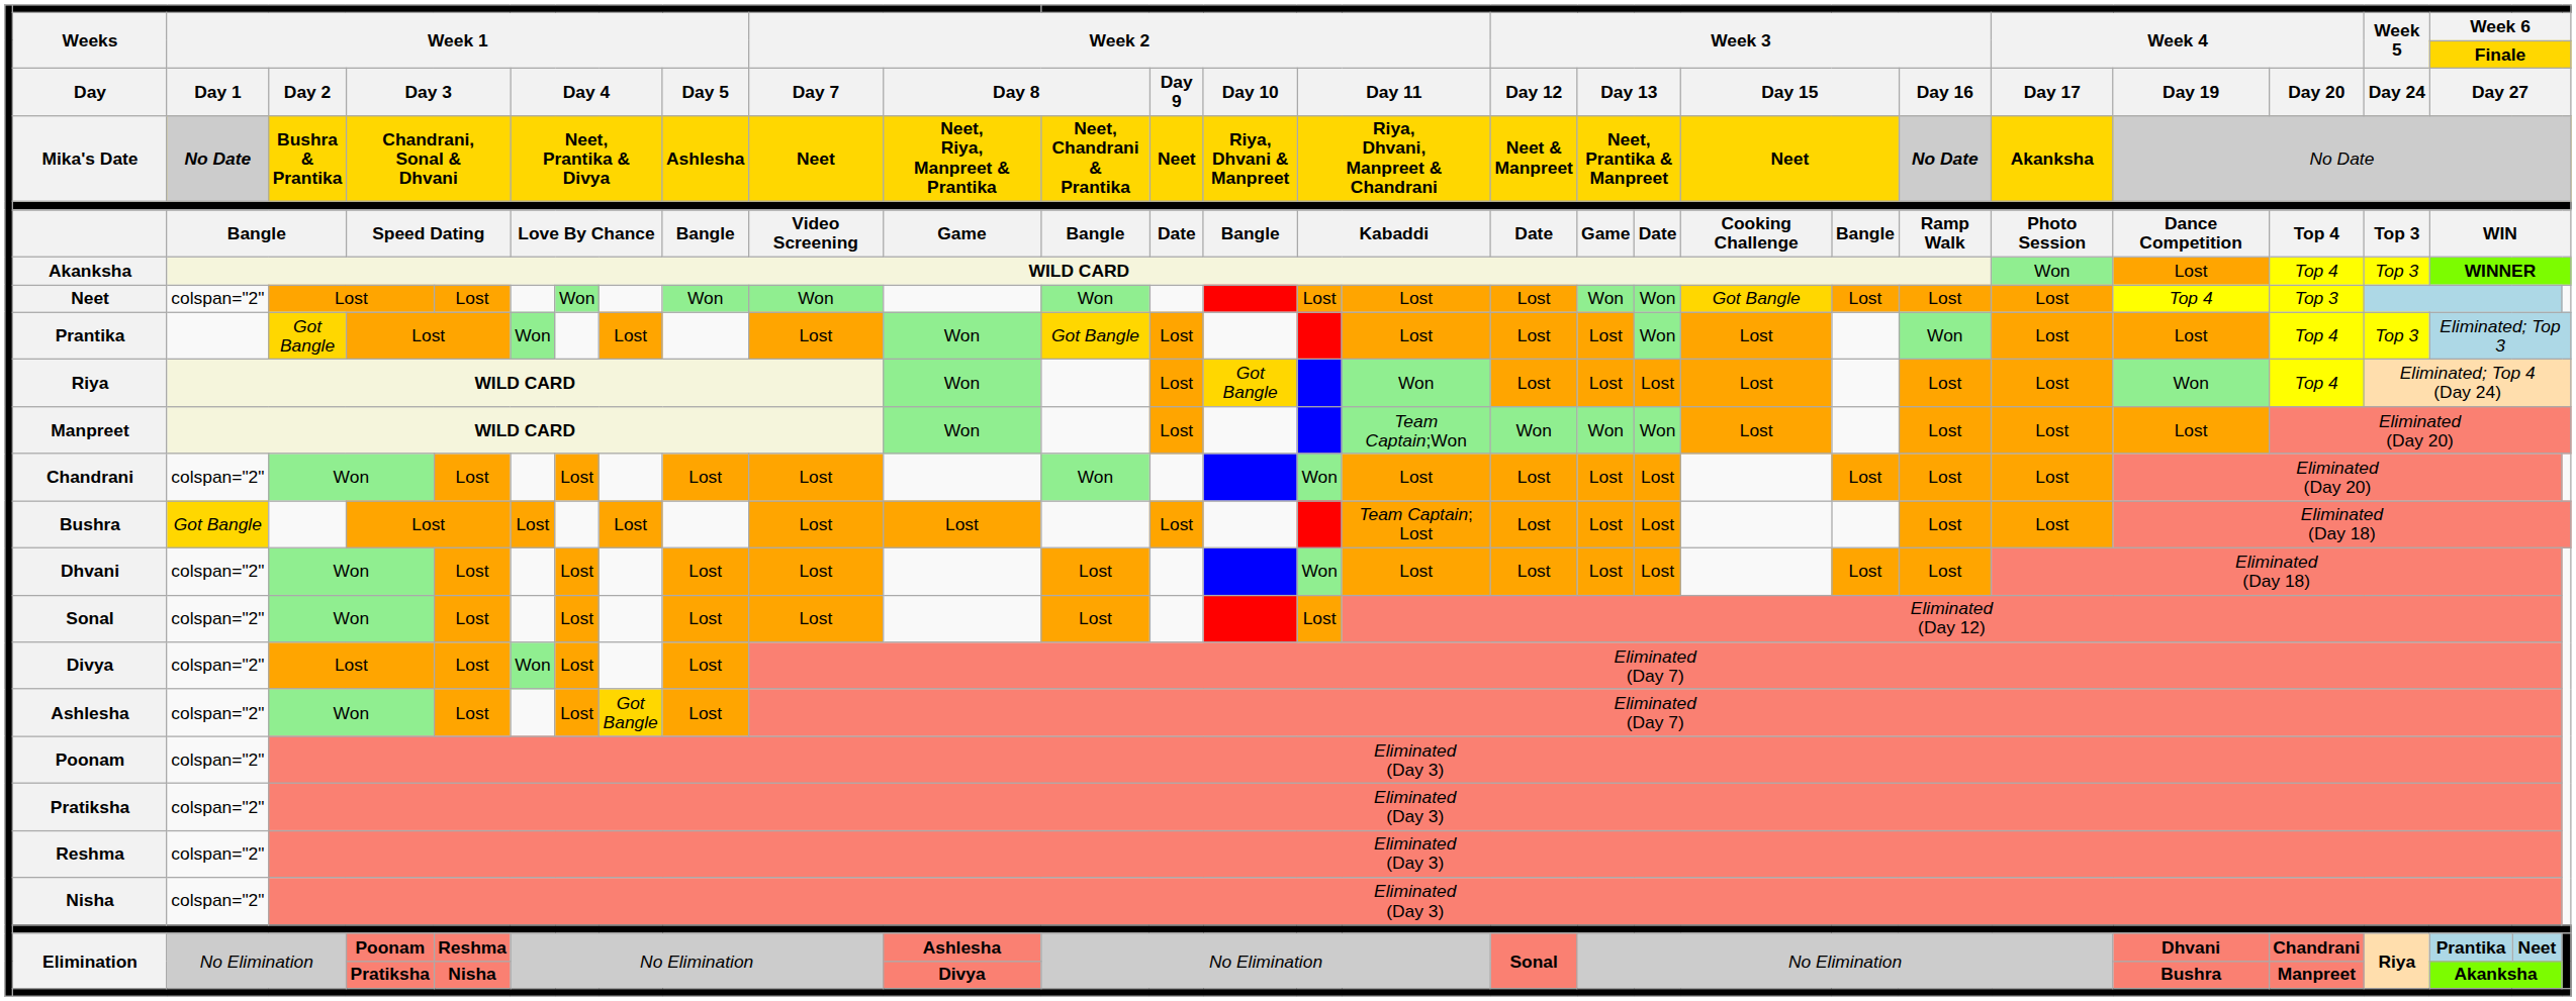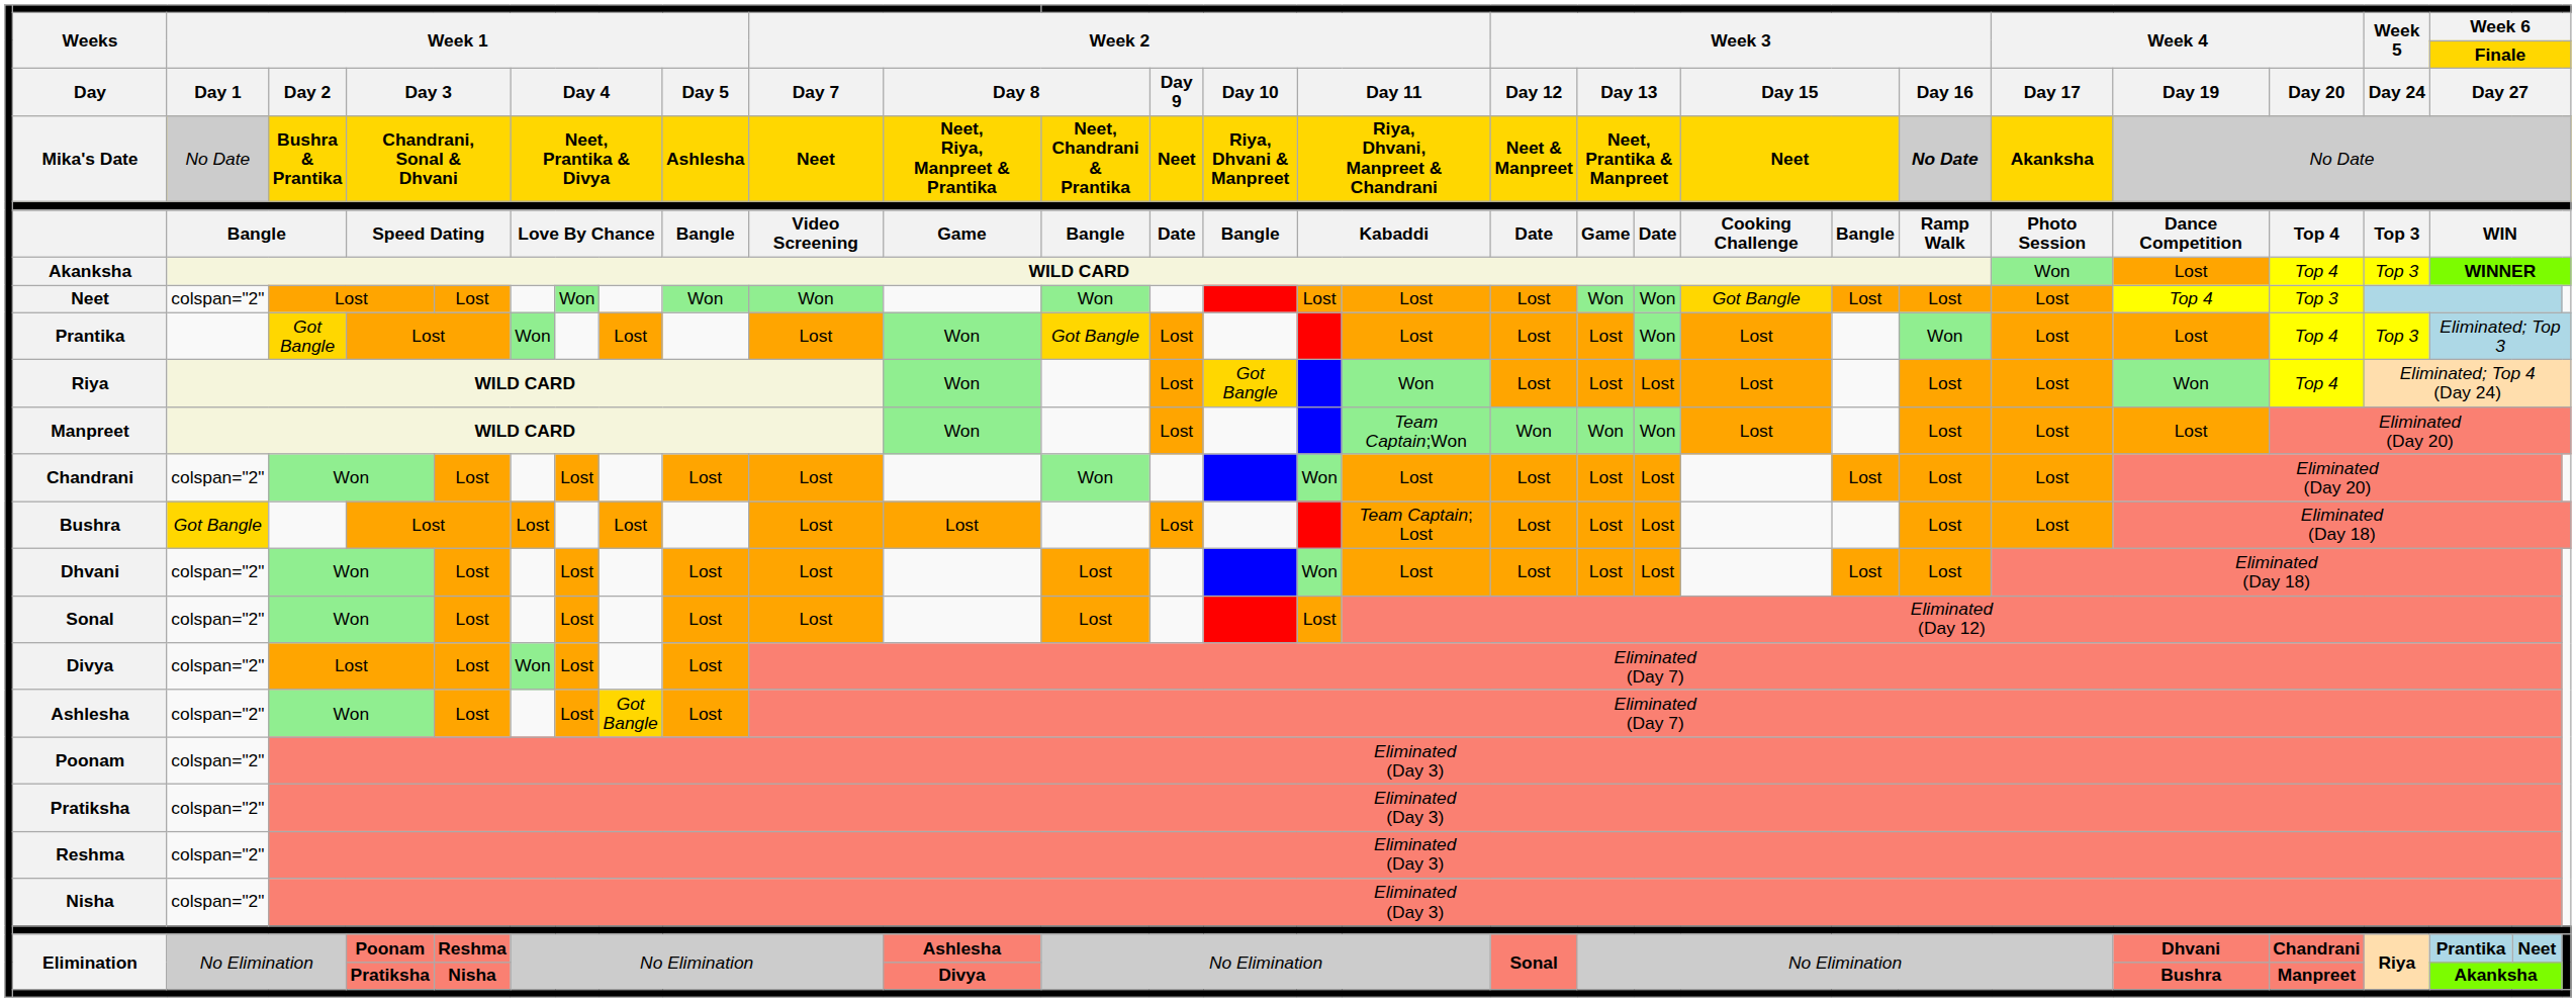 <table class="wikitable" style="text-align:center; width:100%; font-size:85%; font-family: sans-serif; line-height:15px;">
 <tr>
 <td rowspan="26" bgcolor="black"></td>
 <td colspan="11" bgcolor=black></td>
 <td colspan="19" bgcolor="black"></td>
 </tr>
 <tr>
 <th rowspan="2" style="width: 6%;">Weeks</th>
 <th colspan="8" rowspan="2" style="width: 5%;">Week 1</th>
 <th colspan="7" rowspan="2">Week 2</th>
 <th colspan="6" rowspan="2">Week 3</th>
 <th colspan="3" rowspan="2">Week 4</th>
 <th colspan="2" rowspan="2">Week 5</th>
 <th colspan="3">Week 6</th>
 </tr>
 <tr>
 <td colspan="3" bgcolor="gold"><strong>Finale</strong></td>
 </tr>
 <tr>
 <th>Day</th>
 <th>Day 1</th>
 <th>Day 2</th>
 <th colspan="2">Day 3</th>
 <th colspan="3">Day 4</th>
 <th>Day 5</th>
 <th>Day 7</th>
 <th colspan="2">Day 8</th>
 <th>Day 9</th>
 <th>Day 10</th>
 <th colspan="2">Day 11</th>
 <th>Day 12</th>
 <th colspan="2">Day 13</th>
 <th colspan="2">Day 15</th>
 <th>Day 16</th>
 <th>Day 17</th>
 <th>Day 19</th>
 <th>Day 20</th>
 <th colspan="2">Day 24</th>
 <th colspan="3">Day 27</th>
 </tr>
 <tr bgcolor=gold>
 <th>Mika's Date</th>
-<td style="background:#ccc;"><strong><em>No Date</em></strong></td>
+<td style="background:#ccc;"><em>No Date</em></td>
 <td style="background:gold;"><strong>Bushra &<br>Prantika</strong></td>
 <td colspan="2" style="background:gold;"><strong>Chandrani,<br>Sonal &<br>Dhvani</strong></td>
 <td colspan="3" style="background:gold;"><strong>Neet,<br>Prantika &<br> Divya</strong></td>
 <td style="background:gold;"><strong>Ashlesha</strong></td>
 <td style="background:Gold;"><strong>Neet</strong></td>
 <td><strong>Neet,<br> Riya,<br> Manpreet  & Prantika</strong></td>
 <td><strong>Neet,<br>Chandrani  & <br>Prantika</strong></td>
 <td><strong>Neet</strong></td>
 <td style="background:gold;"><strong>Riya,<br> Dhvani &<br>Manpreet</strong></td>
 <td colspan="2"><strong>Riya,<br> Dhvani,<br>Manpreet &<br> Chandrani</strong></td>
 <td style="background:gold;"><strong>Neet &<br>Manpreet</strong></td>
 <td colspan="2"><strong>Neet,<br>Prantika &<br> Manpreet</strong></td>
 <td colspan="2"><strong>Neet</strong></td>
 <td bgcolor="#ccc"><strong><em>No Date</em></strong></td>
 <td bgcolor="gold"><strong>Akanksha</strong></td>
 <td colspan="7" style="background:#ccc;"><em>No Date</em></td>
 </tr>
 <tr>
 <td colspan="30" bgcolor="black"></td>
 </tr>
 <tr>
 <th></th>
 <th colspan="2">Bangle</th>
 <th colspan="2">Speed Dating</th>
 <th colspan="3">Love By Chance</th>
 <th>Bangle</th>
 <th>Video Screening</th>
 <th>Game</th>
 <th>Bangle</th>
 <th>Date</th>
 <th>Bangle</th>
 <th colspan="2">Kabaddi</th>
 <th>Date</th>
 <th>Game</th>
 <th>Date</th>
 <th>Cooking Challenge</th>
 <th>Bangle</th>
 <th>Ramp Walk</th>
 <th>Photo Session</th>
 <th>Dance Competition</th>
 <th><strong>Top 4</strong></th>
 <th>Top 3</th>
 <th colspan="4">WIN</th>
 </tr>
 <tr>
 <th>Akanksha</th>
 <td colspan="21" style="background:beige;"><strong>WILD CARD</strong></td>
 <td style="background:lightgreen;">Won</td>
 <td style="background:orange;">Lost</td>
 <td bgcolor="yellow"><em>Top 4</em></td>
 <td bgcolor="yellow"><em>Top  3</em></td>
 <td colspan="4" bgcolor="#7CFC00"><strong>WINNER</strong></td>
 </tr>
 <tr>
 <th>Neet</th>
 <td>colspan="2" </td>
 <td colspan="2" style="background:orange;">Lost</td>
 <td style="background:orange;">Lost</td>
 <td></td>
 <td style="background:lightgreen;">Won</td>
 <td></td>
 <td style="background:lightgreen;">Won</td>
 <td style="background:lightgreen;">Won</td>
 <td></td>
 <td style="background:lightgreen;">Won</td>
 <td></td>
 <td style="background:red;"></td>
 <td style="background:orange;">Lost</td>
 <td style="background:orange;">Lost</td>
 <td style="background:orange;">Lost</td>
 <td style="background:lightgreen;">Won</td>
 <td style="background:lightgreen;">Won</td>
 <td style="background:gold;"><em>Got Bangle</em></td>
 <td style="background:orange;">Lost</td>
 <td style="background:orange;">Lost</td>
 <td style="background:orange;">Lost</td>
 <td bgcolor="yellow"><em>Top 4</em></td>
 <td bgcolor="yellow"><em>Top  3</em></td>
 <td colspan="4" style="background:#ADD8E6;"></td>
 </tr>
 <tr>
 <th>Prantika</th>
 <td></td>
 <td style="background:gold;"><em>Got Bangle</em></td>
 <td colspan="2" style="background:orange;">Lost</td>
 <td style="background:lightgreen;">Won</td>
 <td></td>
 <td style="background:orange;">Lost</td>
 <td></td>
 <td style="background:orange;">Lost</td>
 <td style="background:lightgreen;">Won</td>
 <td style="background:gold;"><em>Got Bangle</em></td>
 <td style="background:orange;">Lost</td>
 <td></td>
 <td style="background:red;"></td>
 <td style="background:orange;">Lost</td>
 <td style="background:orange;">Lost</td>
 <td style="background:orange;">Lost</td>
 <td style="background:lightgreen;">Won</td>
 <td style="background:orange;">Lost</td>
 <td></td>
 <td style="background:lightgreen;">Won</td>
 <td style="background:orange;">Lost</td>
 <td style="background:orange;">Lost</td>
 <td bgcolor="yellow"><em>Top 4</em></td>
 <td bgcolor="yellow"><em>Top  3</em></td>
 <td colspan="4" style="background:#ADD8E6;"><em>Eliminated; Top 3</em></td>
 </tr>
 <tr>
 <th>Riya</th>
 <td colspan="9" style="background:beige;"><strong>WILD CARD</strong></td>
 <td Bgcolor=lightgreen>Won</td>
 <td></td>
 <td style="background:orange;">Lost</td>
 <td style="background:gold;"><em>Got Bangle</em></td>
 <td style="background:blue;"></td>
 <td style="background:lightgreen;">Won</td>
 <td style="background:orange;">Lost</td>
 <td style="background:orange;">Lost</td>
 <td style="background:orange;">Lost</td>
 <td style="background:orange;">Lost</td>
 <td></td>
 <td style="background:orange;">Lost</td>
 <td style="background:orange;">Lost</td>
 <td style="background:lightgreen;">Won</td>
 <td bgcolor="yellow"><em>Top 4</em></td>
 <td colspan="5" bgcolor="Navajowhite"><em>Eliminated; Top 4</em><br>(Day 24)</td>
 </tr>
 <tr>
 <th>Manpreet</th>
 <td colspan="9" style="background:beige;"><strong>WILD CARD</strong></td>
 <td style="background:lightgreen;">Won</td>
 <td></td>
 <td style="background:orange;">Lost</td>
 <td></td>
 <td style="background:blue;"></td>
 <td style="background:lightgreen;"><em>Team Captain</em>;Won</td>
 <td style="background:lightgreen;">Won</td>
 <td style="background:lightgreen;">Won</td>
 <td style="background:lightgreen;">Won</td>
 <td style="background:orange;">Lost</td>
 <td></td>
 <td style="background:orange;">Lost</td>
 <td style="background:orange;">Lost</td>
 <td style="background:orange;">Lost</td>
 <td colspan="6" bgcolor="Salmon"><em>Eliminated</em><br>(Day 20)</td>
 </tr>
 <tr>
 <th>Chandrani</th>
 <td>colspan="2" </td>
 <td colspan="2" style="background:lightgreen;">Won</td>
 <td style="background:orange;">Lost</td>
 <td></td>
 <td style="background:orange;">Lost</td>
 <td></td>
 <td style="background:orange;">Lost</td>
 <td style="background:orange;">Lost</td>
 <td></td>
 <td style="background:lightgreen;">Won</td>
 <td></td>
 <td style="background:blue;"></td>
 <td style="background:lightgreen;">Won</td>
 <td style="background:orange;">Lost</td>
 <td style="background:orange;">Lost</td>
 <td style="background:orange;">Lost</td>
 <td style="background:orange;">Lost</td>
 <td></td>
 <td style="background:orange;">Lost</td>
 <td style="background:orange;">Lost</td>
 <td style="background:orange;">Lost</td>
 <td colspan="6" bgcolor="Salmon"><em>Eliminated</em><br>(Day 20)</td>
 </tr>
 <tr>
 <th>Bushra</th>
 <td style="background:gold;"><em>Got Bangle</em></td>
 <td></td>
 <td colspan="2" style="background:orange;">Lost</td>
 <td style="background:orange;">Lost</td>
 <td></td>
 <td style="background:orange;">Lost</td>
 <td></td>
 <td style="background:orange;">Lost</td>
 <td style="background:orange;">Lost</td>
 <td></td>
 <td style="background:orange;">Lost</td>
 <td></td>
 <td style="background:red;"></td>
 <td style="background:orange;"><em>Team Captain</em>; Lost</td>
 <td style="background:orange;">Lost</td>
 <td style="background:orange;">Lost</td>
 <td style="background:orange;">Lost</td>
 <td></td>
 <td></td>
 <td style="background:orange;">Lost</td>
 <td style="background:orange;">Lost</td>
 <td colspan="7" bgcolor="salmon"><em>Eliminated</em><br>(Day 18)</td>
 </tr>
 <tr>
 <th>Dhvani</th>
 <td>colspan="2" </td>
 <td colspan="2" style="background:lightgreen;">Won</td>
 <td style="background:orange;">Lost</td>
 <td></td>
 <td style="background:orange;">Lost</td>
 <td></td>
 <td style="background:orange;">Lost</td>
 <td style="background:orange;">Lost</td>
 <td></td>
 <td style="background:orange;">Lost</td>
 <td></td>
 <td style="background:blue;"></td>
 <td style="background:lightgreen;">Won</td>
 <td style="background:orange;">Lost</td>
 <td style="background:orange;">Lost</td>
 <td style="background:orange;">Lost</td>
 <td style="background:orange;">Lost</td>
 <td></td>
 <td style="background:orange;">Lost</td>
 <td style="background:orange;">Lost</td>
 <td colspan="7" bgcolor="salmon"><em>Eliminated</em><br>(Day 18)</td>
 </tr>
 <tr>
 <th>Sonal</th>
 <td>colspan="2" </td>
 <td colspan="2" style="background:lightgreen;">Won</td>
 <td style="background:orange;">Lost</td>
 <td></td>
 <td style="background:orange;">Lost</td>
 <td></td>
 <td style="background:orange;">Lost</td>
 <td style="background:orange;">Lost</td>
 <td></td>
 <td style="background:orange;">Lost</td>
 <td></td>
 <td style="background:red;"></td>
 <td style="background:orange;">Lost</td>
 <td colspan="14" bgcolor="salmon"><em>Eliminated</em><br>(Day 12)</td>
 </tr>
 <tr>
 <th>Divya</th>
 <td>colspan="2" </td>
 <td colspan="2" style="background:orange;">Lost</td>
 <td style="background:orange;">Lost</td>
 <td style="background:lightgreen;">Won</td>
 <td style="background:orange;">Lost</td>
 <td></td>
 <td style="background:orange;">Lost</td>
 <td colspan="20" bgcolor="salmon"><em>Eliminated</em><br>(Day 7)</td>
 </tr>
 <tr>
 <th>Ashlesha</th>
 <td>colspan="2" </td>
 <td colspan="2" style="background:lightgreen;">Won</td>
 <td style="background:orange;">Lost</td>
 <td></td>
 <td style="background:orange;">Lost</td>
 <td style="background:gold;"><em>Got Bangle</em></td>
 <td style="background:orange;">Lost</td>
 <td colspan="20" bgcolor="salmon"><em>Eliminated</em><br>(Day 7)</td>
 </tr>
 <tr>
 <th>Poonam</th>
 <td>colspan="2" </td>
 <td colspan="27" style="background:salmon;"><em>Eliminated</em><br>(Day 3)</td>
 </tr>
 <tr>
 <th>Pratiksha</th>
 <td>colspan="2" </td>
 <td colspan="27" style="background:salmon;"><em>Eliminated</em><br>(Day 3)</td>
 </tr>
 <tr>
 <th>Reshma</th>
 <td>colspan="2" </td>
 <td colspan="27" style="background:salmon;"><em>Eliminated</em><br>(Day 3)</td>
 </tr>
 <tr>
 <th>Nisha</th>
 <td>colspan="2" </td>
 <td colspan="27" style="background:salmon;"><em>Eliminated</em><br>(Day 3)</td>
 </tr>
 <tr>
 <td colspan="30" bgcolor="black"></td>
 </tr>
 <tr>
 <th rowspan="2">Elimination</th>
 <td colspan="2" rowspan="2" bgcolor="#ccc"><em>No Elimination</em></td>
 <td bgcolor="salmon"><strong>Poonam</strong></td>
 <td bgcolor="salmon"><strong>Reshma</strong></td>
 <td colspan="5" rowspan="2" bgcolor="#ccc"><em>No Elimination</em></td>
 <td bgcolor="salmon"><strong>Ashlesha</strong></td>
 <td colspan="5" rowspan="2" bgcolor="#ccc"><em>No Elimination</em></td>
 <td rowspan="2" bgcolor="salmon"><strong>Sonal</strong></td>
 <td colspan="6" rowspan="2" bgcolor="#ccc"><em>No Elimination</em></td>
 <td bgcolor="salmon"><strong>Dhvani</strong></td>
 <td bgcolor="Salmon"><strong>Chandrani</strong></td>
 <td colspan="2" rowspan="2" bgcolor="Navajowhite"><strong>Riya</strong></td>
 <td style="background:#ADD8E6;"><strong>Prantika</strong></td>
 <td style="background:#ADD8E6;"><strong>Neet</strong></td>
 <td rowspan="2" style="background:black;"></td>
 </tr>
 <tr>
 <td bgcolor="salmon"><strong>Pratiksha</strong></td>
 <td bgcolor="salmon"><strong>Nisha</strong></td>
 <td bgcolor="salmon"><strong>Divya</strong></td>
 <td bgcolor="salmon"><strong>Bushra</strong></td>
 <td bgcolor="Salmon"><strong>Manpreet</strong></td>
 <td colspan="2" style="background:#7CFC00;"><strong>Akanksha</strong></td>
 </tr>
 <tr>
 <td colspan="30" bgcolor="black"></td>
 </tr>
 <tr>
 </tr>
 </table>
